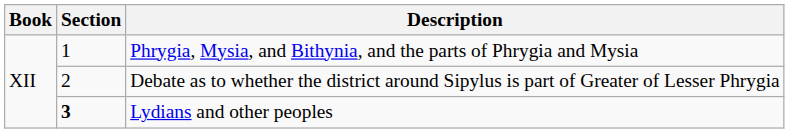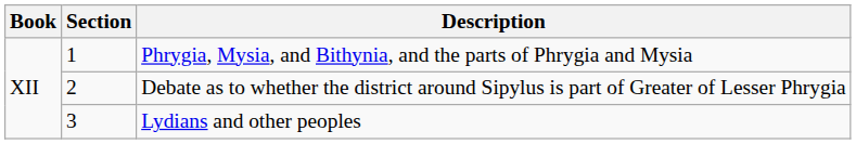 <table class="wikitable" style="max-width:45em;">
 <tr>
 <th>Book</th>
 <th>Section</th>
 <th>Description</th>
 </tr>
 <tr>
 <td rowspan="14">XII</td>
 <td>1</td>
 <td><a href='#'>Phrygia</a>, <a href='#'>Mysia</a>, and <a href='#'>Bithynia</a>, and the parts of Phrygia and Mysia</td>
 </tr>
 <tr>
 <td>2</td>
 <td>Debate as to whether the district around Sipylus is part of Greater of Lesser Phrygia</td>
 </tr>
 <tr>
-<td><strong>3</strong></td>
+<td>3</td>
 <td><a href='#'>Lydians</a> and other peoples</td>
 </tr>
 </table>
